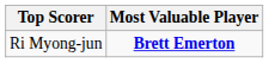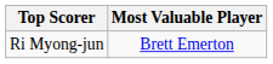 <table class="wikitable" style="margin: 0 auto;">
 <tr>
 <th>Top Scorer</th>
 <th>Most Valuable Player</th>
 </tr>
 <tr>
 <td align=center> Ri Myong-jun</td>
-<td align=center><strong> <a href='#'>Brett Emerton</a></strong></td>
+<td align=center> <a href='#'>Brett Emerton</a></td>
 </tr>
 </table>
